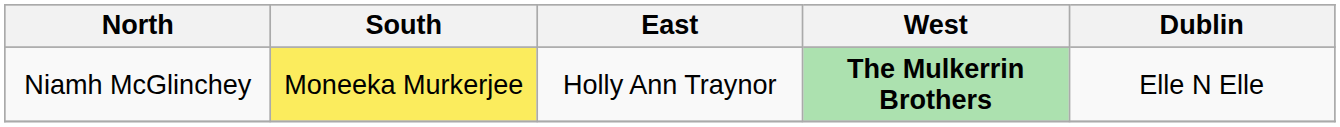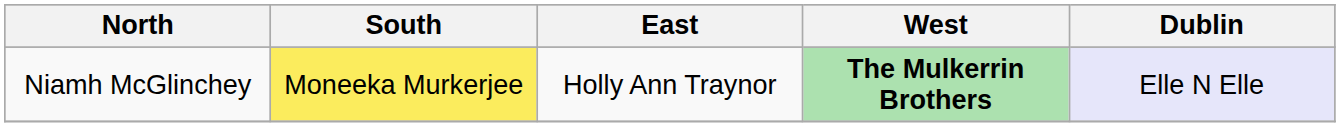 <table class="wikitable">
 <tr>
 <th width="150" rowspan="1">North</th>
 <th width="150" rowspan="1">South</th>
 <th width="150" rowspan="1">East</th>
 <th width="150" rowspan="1">West</th>
 <th width="150" rowspan="1">Dublin</th>
 </tr>
 <tr>
 <td align="center">Niamh McGlinchey</td>
 <td style="background:#FBEC5D;" align="center">Moneeka Murkerjee</td>
 <td align="center">Holly Ann Traynor</td>
 <td style="background:#ACE1AF;" align="center"><strong>The Mulkerrin Brothers</strong></td>
-<td align="center">Elle N Elle</td>
+<td align="center" style="background: lavender;">Elle N Elle</td>
 </tr>
 <tr>
 </tr>
 </table>
